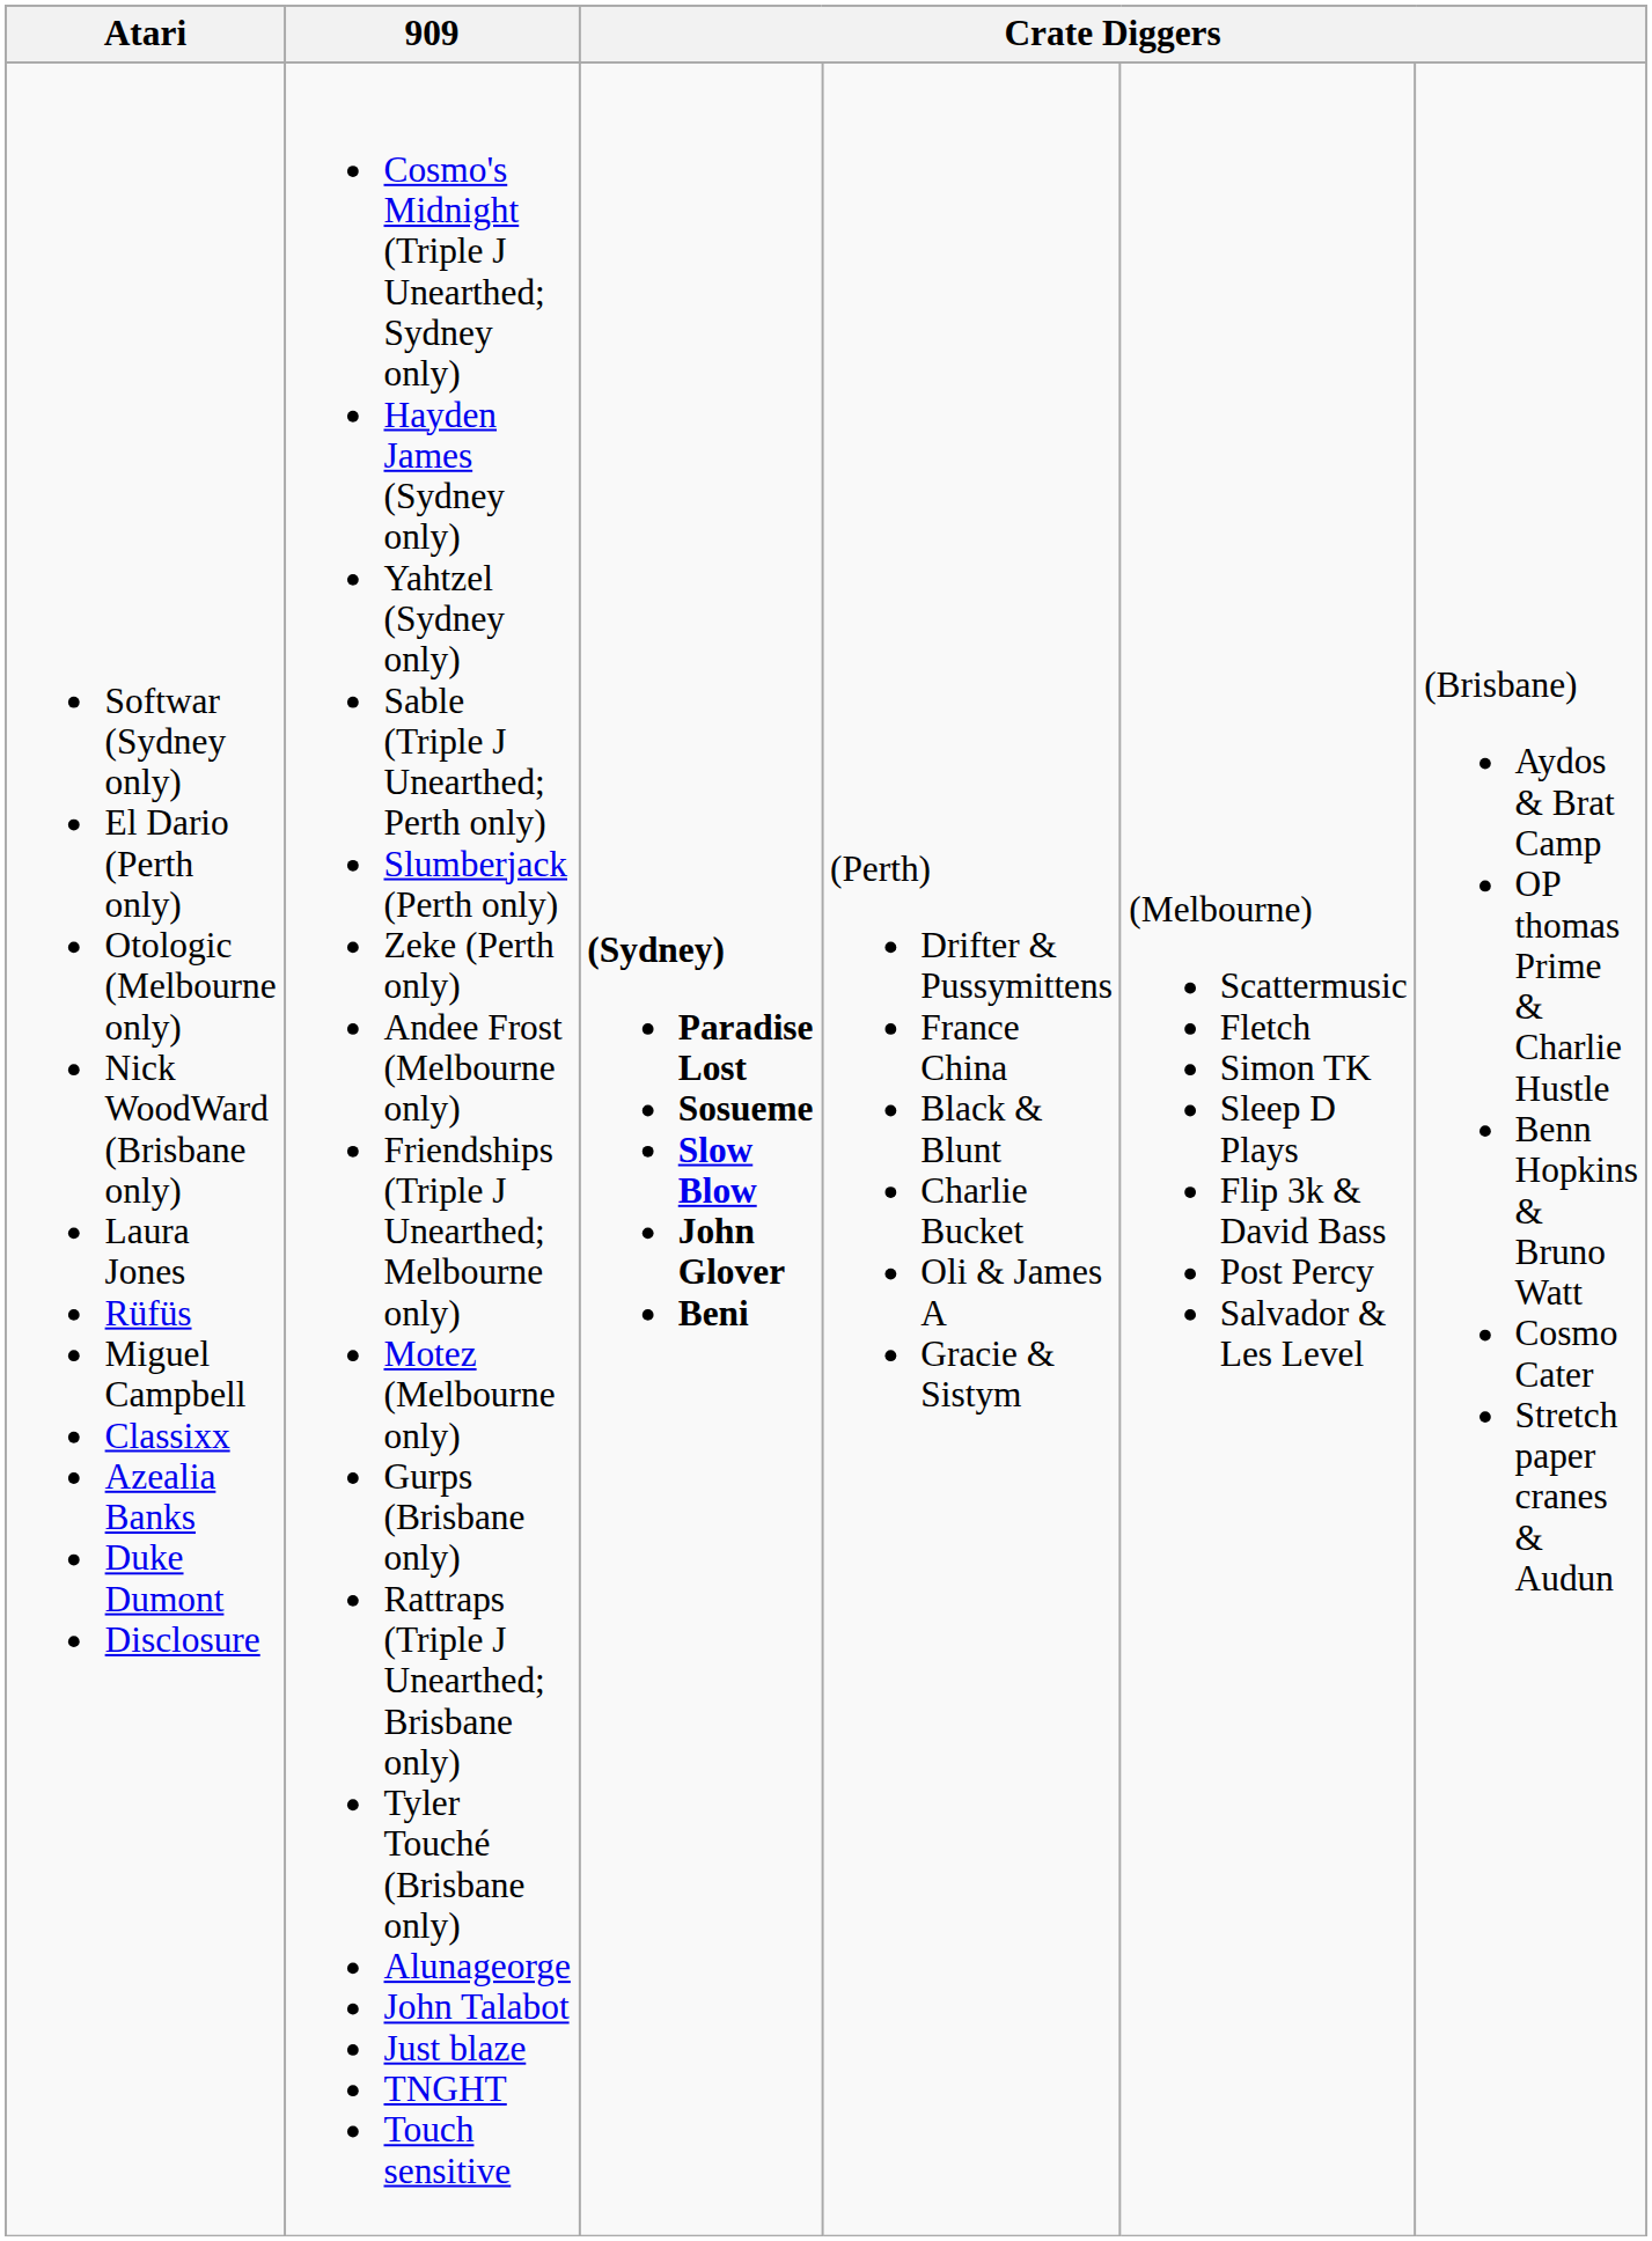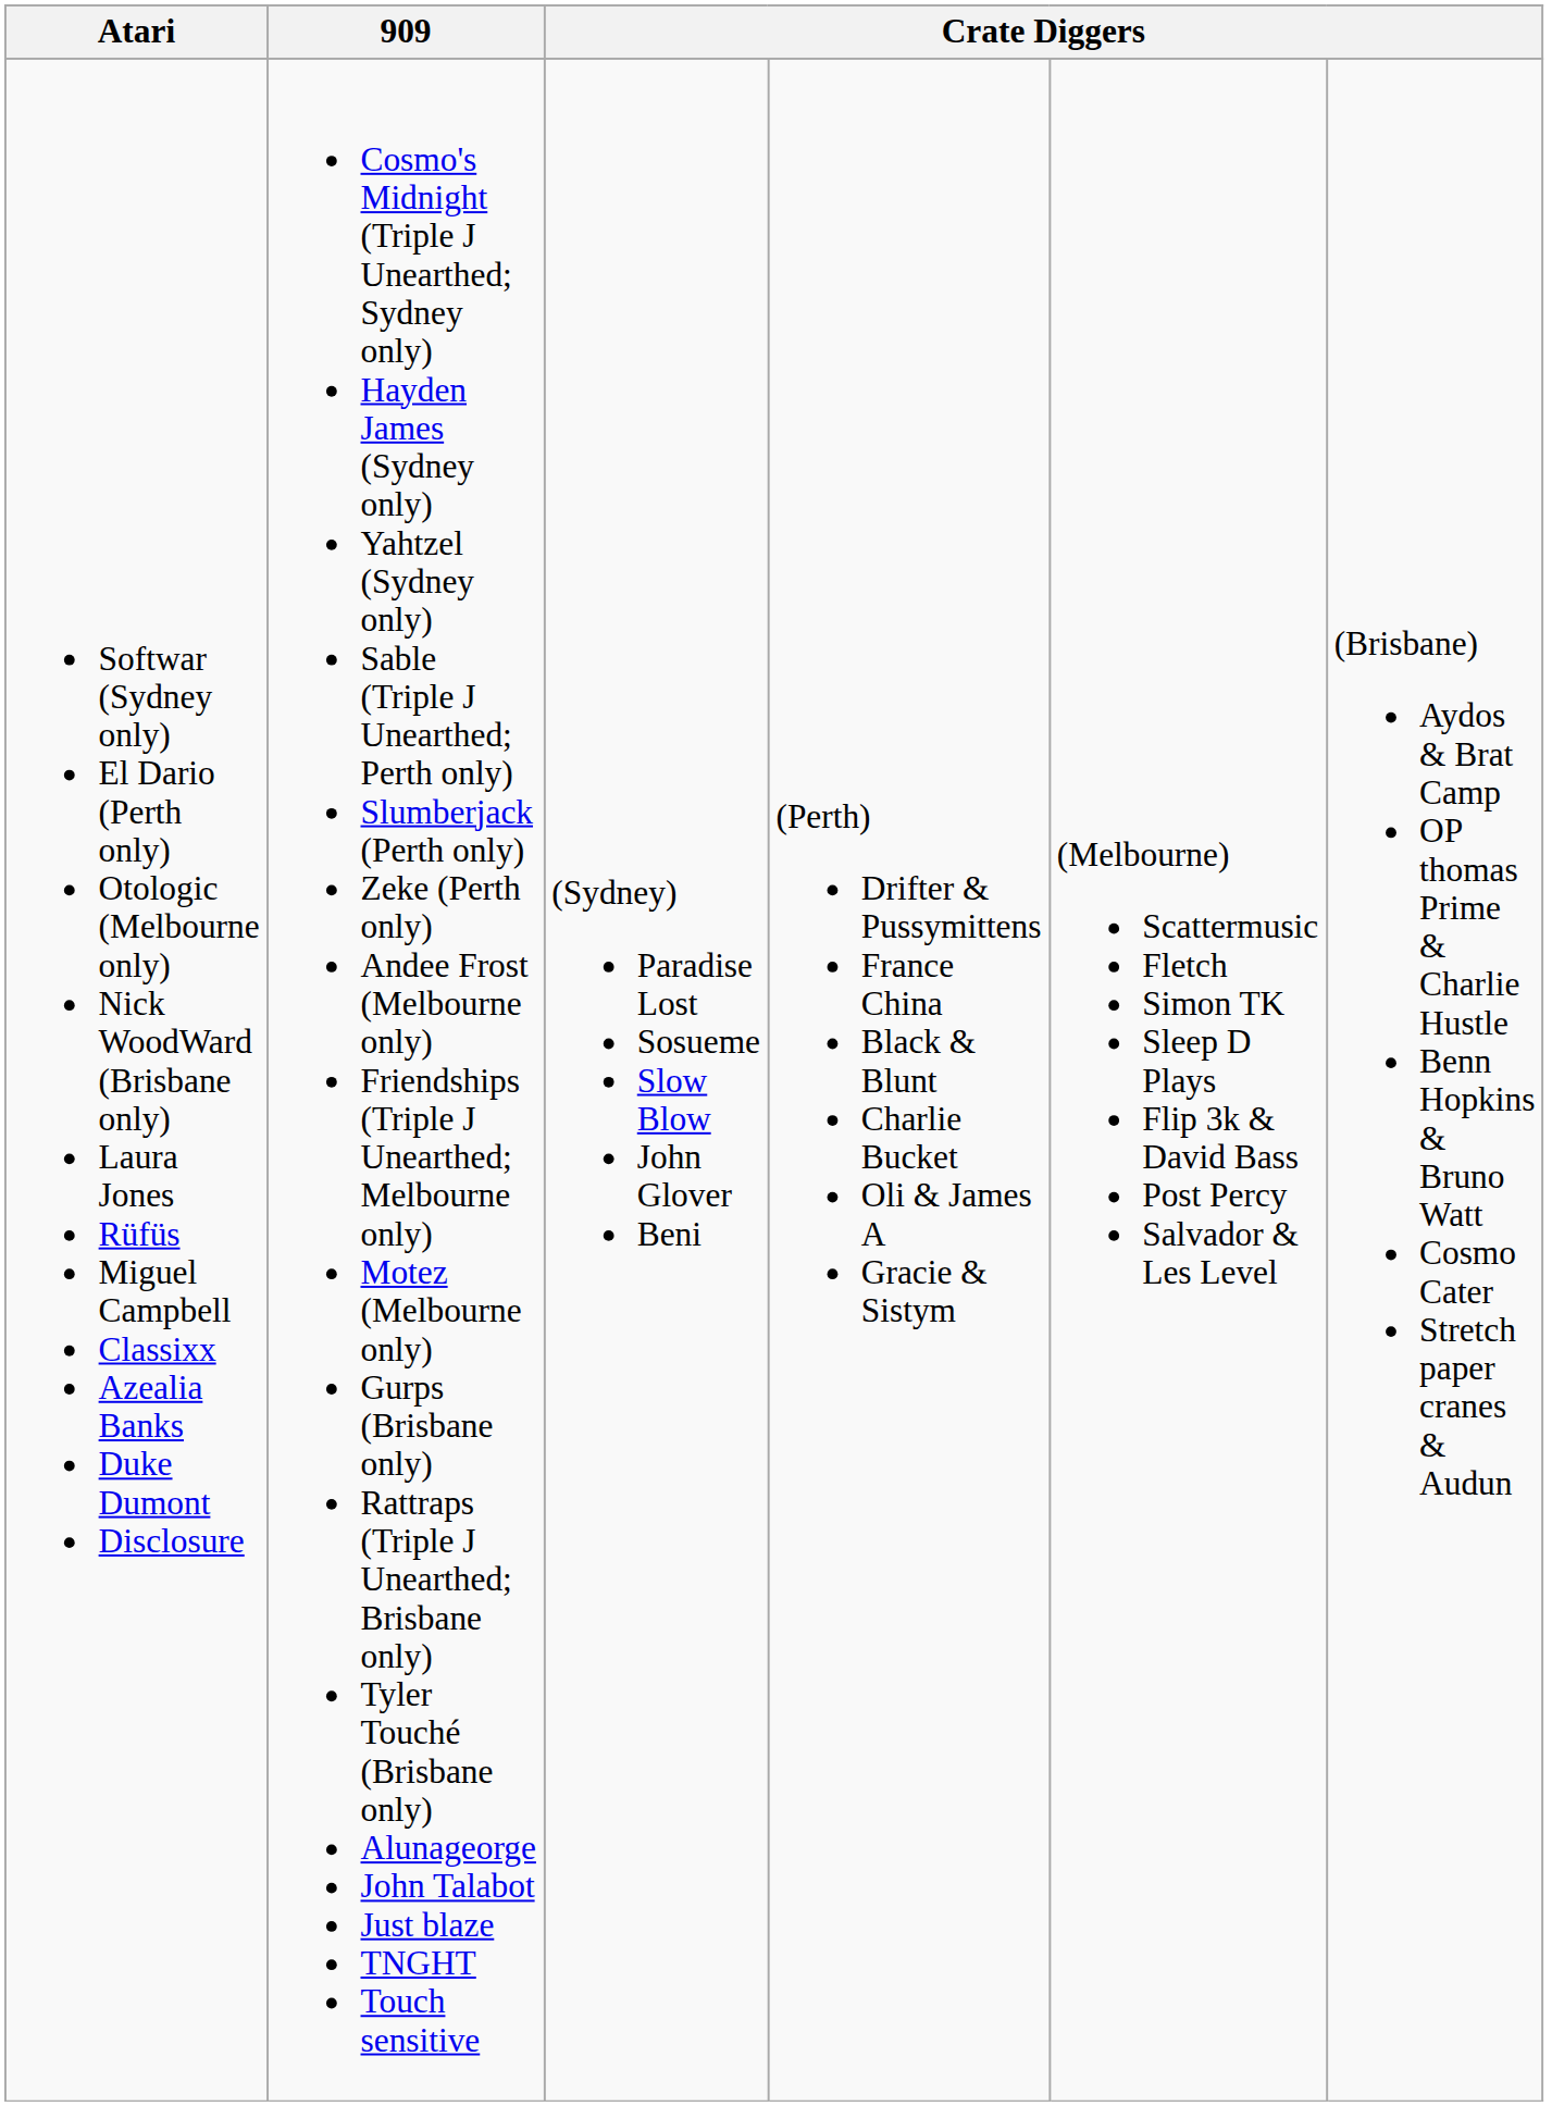 <table class="wikitable">
 <tr>
 <th>Atari</th>
 <th>909</th>
 <th colspan="4">Crate Diggers</th>
 </tr>
 <tr>
 <td><br><ul><li>Softwar (Sydney only)</li><li>El Dario (Perth only)</li><li>Otologic (Melbourne only)</li><li>Nick WoodWard (Brisbane only)</li><li>Laura Jones</li><li><a href='#'>Rüfüs</a></li><li>Miguel Campbell</li><li><a href='#'>Classixx</a></li><li><a href='#'>Azealia Banks</a></li><li><a href='#'>Duke Dumont</a></li><li><a href='#'>Disclosure</a></li></ul></td>
 <td><br><ul><li><a href='#'>Cosmo's Midnight</a> (Triple J Unearthed; Sydney only)</li><li><a href='#'>Hayden James</a> (Sydney only)</li><li>Yahtzel (Sydney only)</li><li>Sable (Triple J Unearthed; Perth only)</li><li><a href='#'>Slumberjack</a> (Perth only)</li><li>Zeke (Perth only)</li><li>Andee Frost (Melbourne only)</li><li>Friendships (Triple J Unearthed; Melbourne only)</li><li><a href='#'>Motez</a> (Melbourne only)</li><li>Gurps (Brisbane only)</li><li>Rattraps (Triple J Unearthed; Brisbane only)</li><li>Tyler Touché (Brisbane only)</li><li><a href='#'>Alunageorge</a></li><li><a href='#'>John Talabot</a></li><li><a href='#'>Just blaze</a></li><li><a href='#'>TNGHT</a></li><li><a href='#'>Touch sensitive</a></li></ul></td>
-<td><strong>(Sydney)<br><ul><li>Paradise Lost</li><li>Sosueme</li><li><a href='#'>Slow Blow</a></li><li>John Glover</li><li>Beni</li></ul></strong></td>
+<td>(Sydney)<br><ul><li>Paradise Lost</li><li>Sosueme</li><li><a href='#'>Slow Blow</a></li><li>John Glover</li><li>Beni</li></ul></td>
 <td>(Perth)<br><ul><li>Drifter & Pussymittens</li><li>France China</li><li>Black & Blunt</li><li>Charlie Bucket</li><li>Oli & James A</li><li>Gracie & Sistym</li></ul></td>
 <td>(Melbourne)<br><ul><li>Scattermusic</li><li>Fletch</li><li>Simon TK</li><li>Sleep D Plays</li><li>Flip 3k & David Bass</li><li>Post Percy</li><li>Salvador & Les Level</li></ul></td>
 <td>(Brisbane)<br><ul><li>Aydos & Brat Camp</li><li>OP thomas Prime & Charlie Hustle</li><li>Benn Hopkins & Bruno Watt</li><li>Cosmo Cater</li><li>Stretch paper cranes & Audun</li></ul></td>
 </tr>
 </table>
